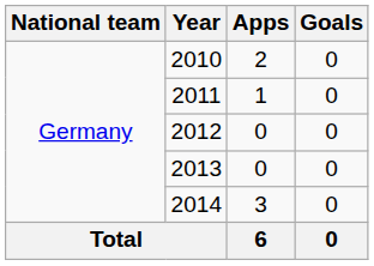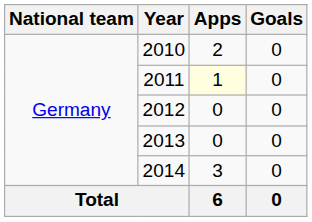 <table class="wikitable" style="text-align:center">
 <tr>
 <th>National team</th>
 <th>Year</th>
 <th>Apps</th>
 <th>Goals</th>
 </tr>
 <tr>
 <td rowspan="5"><a href='#'>Germany</a></td>
 <td>2010</td>
 <td>2</td>
 <td>0</td>
 </tr>
 <tr>
 <td>2011</td>
-<td>1</td>
+<td style="background: lightyellow;">1</td>
 <td>0</td>
 </tr>
 <tr>
 <td>2012</td>
 <td>0</td>
 <td>0</td>
 </tr>
 <tr>
 <td>2013</td>
 <td>0</td>
 <td>0</td>
 </tr>
 <tr>
 <td>2014</td>
 <td>3</td>
 <td>0</td>
 </tr>
 <tr>
 <th colspan="2">Total</th>
 <th>6</th>
 <th>0</th>
 </tr>
 </table>
